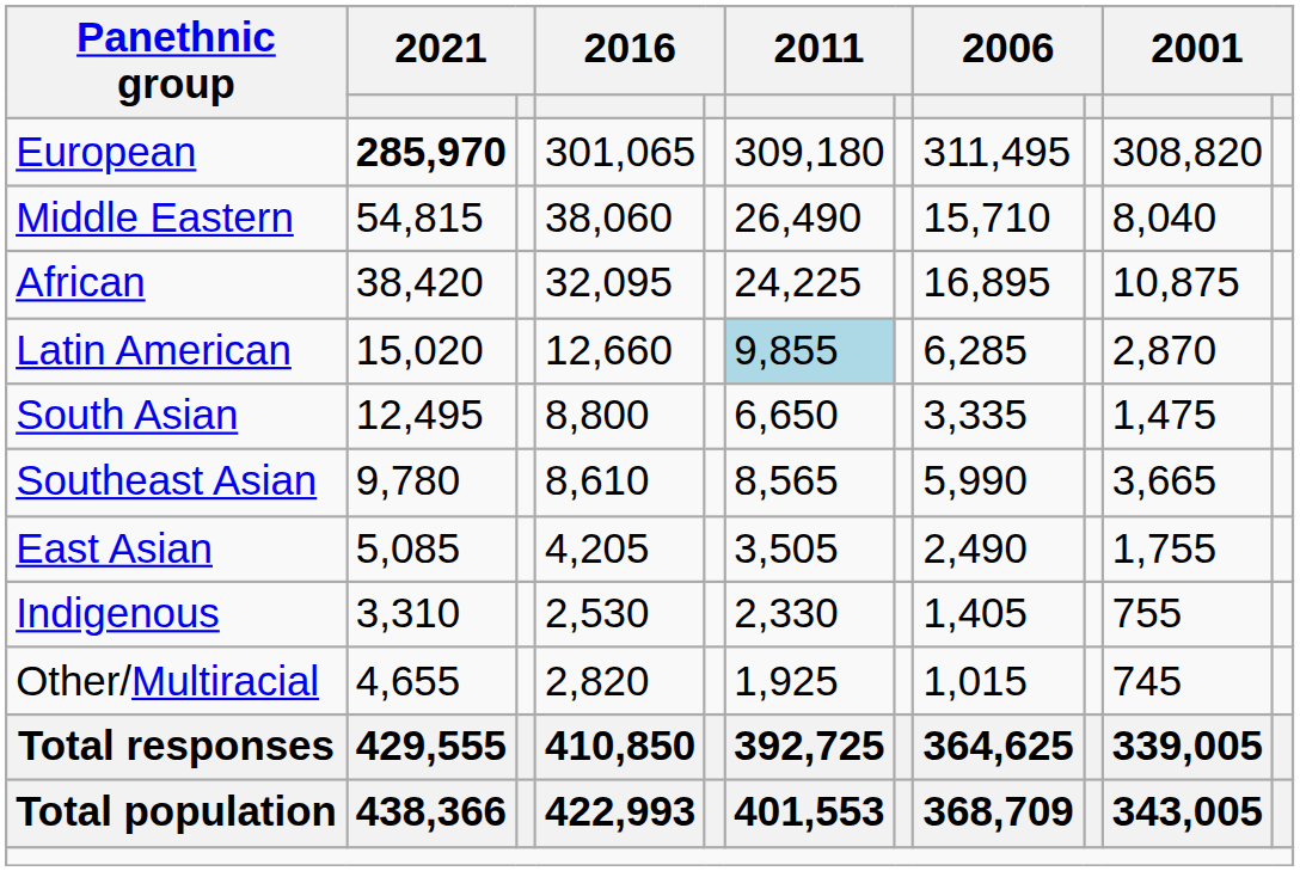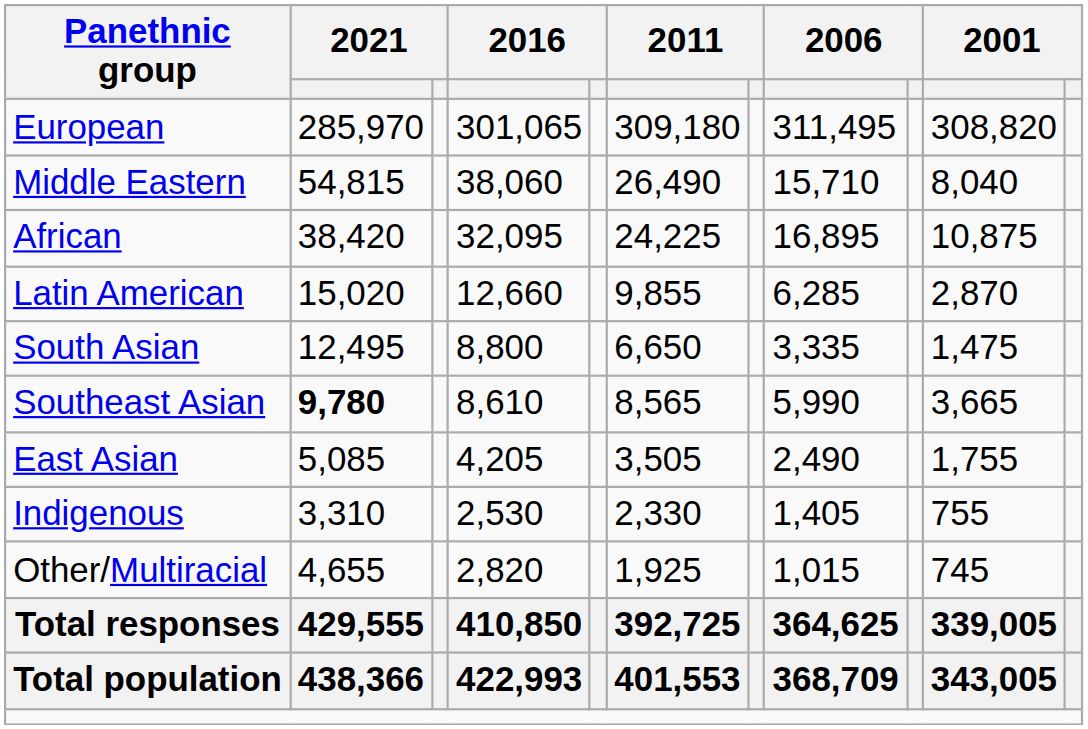 <table class="wikitable collapsible sortable">
 <tr>
 <th rowspan="2"><a href='#'>Panethnic</a><br>group</th>
 <th colspan="2">2021</th>
 <th colspan="2">2016</th>
 <th colspan="2">2011</th>
 <th colspan="2">2006</th>
 <th colspan="2">2001</th>
 </tr>
 <tr>
 <th><a href='#'></a></th>
 <th></th>
 <th></th>
 <th></th>
 <th></th>
 <th></th>
 <th></th>
 <th></th>
 <th></th>
 <th></th>
 </tr>
 <tr>
 <td><a href='#'>European</a></td>
-<td><strong>285,970</strong></td>
+<td>285,970</td>
 <td></td>
 <td>301,065</td>
 <td></td>
 <td>309,180</td>
 <td></td>
 <td>311,495</td>
 <td></td>
 <td>308,820</td>
 <td></td>
 </tr>
 <tr>
 <td><a href='#'>Middle Eastern</a></td>
 <td>54,815</td>
 <td></td>
 <td>38,060</td>
 <td></td>
 <td>26,490</td>
 <td></td>
 <td>15,710</td>
 <td></td>
 <td>8,040</td>
 <td></td>
 </tr>
 <tr>
 <td><a href='#'>African</a></td>
 <td>38,420</td>
 <td></td>
 <td>32,095</td>
 <td></td>
 <td>24,225</td>
 <td></td>
 <td>16,895</td>
 <td></td>
 <td>10,875</td>
 <td></td>
 </tr>
 <tr>
 <td><a href='#'>Latin American</a></td>
 <td>15,020</td>
 <td></td>
 <td>12,660</td>
 <td></td>
-<td style="background: lightblue;">9,855</td>
+<td>9,855</td>
 <td></td>
 <td>6,285</td>
 <td></td>
 <td>2,870</td>
 <td></td>
 </tr>
 <tr>
 <td><a href='#'>South Asian</a></td>
 <td>12,495</td>
 <td></td>
 <td>8,800</td>
 <td></td>
 <td>6,650</td>
 <td></td>
 <td>3,335</td>
 <td></td>
 <td>1,475</td>
 <td></td>
 </tr>
 <tr>
 <td><a href='#'>Southeast Asian</a></td>
-<td>9,780</td>
+<td><strong>9,780</strong></td>
 <td></td>
 <td>8,610</td>
 <td></td>
 <td>8,565</td>
 <td></td>
 <td>5,990</td>
 <td></td>
 <td>3,665</td>
 <td></td>
 </tr>
 <tr>
 <td><a href='#'>East Asian</a></td>
 <td>5,085</td>
 <td></td>
 <td>4,205</td>
 <td></td>
 <td>3,505</td>
 <td></td>
 <td>2,490</td>
 <td></td>
 <td>1,755</td>
 <td></td>
 </tr>
 <tr>
 <td><a href='#'>Indigenous</a></td>
 <td>3,310</td>
 <td></td>
 <td>2,530</td>
 <td></td>
 <td>2,330</td>
 <td></td>
 <td>1,405</td>
 <td></td>
 <td>755</td>
 <td></td>
 </tr>
 <tr>
 <td>Other/<a href='#'>Multiracial</a></td>
 <td>4,655</td>
 <td></td>
 <td>2,820</td>
 <td></td>
 <td>1,925</td>
 <td></td>
 <td>1,015</td>
 <td></td>
 <td>745</td>
 <td></td>
 </tr>
 <tr>
 <th>Total responses</th>
 <th>429,555</th>
 <th></th>
 <th>410,850</th>
 <th></th>
 <th>392,725</th>
 <th></th>
 <th>364,625</th>
 <th></th>
 <th>339,005</th>
 <th></th>
 </tr>
 <tr>
 <th>Total population</th>
 <th>438,366</th>
 <th></th>
 <th>422,993</th>
 <th></th>
 <th>401,553</th>
 <th></th>
 <th>368,709</th>
 <th></th>
 <th>343,005</th>
 <th></th>
 </tr>
 <tr class="sortbottom">
 <td colspan="15"></td>
 </tr>
 </table>
